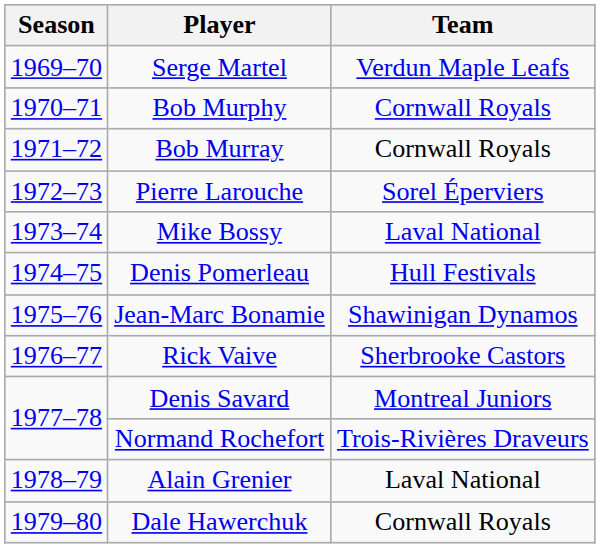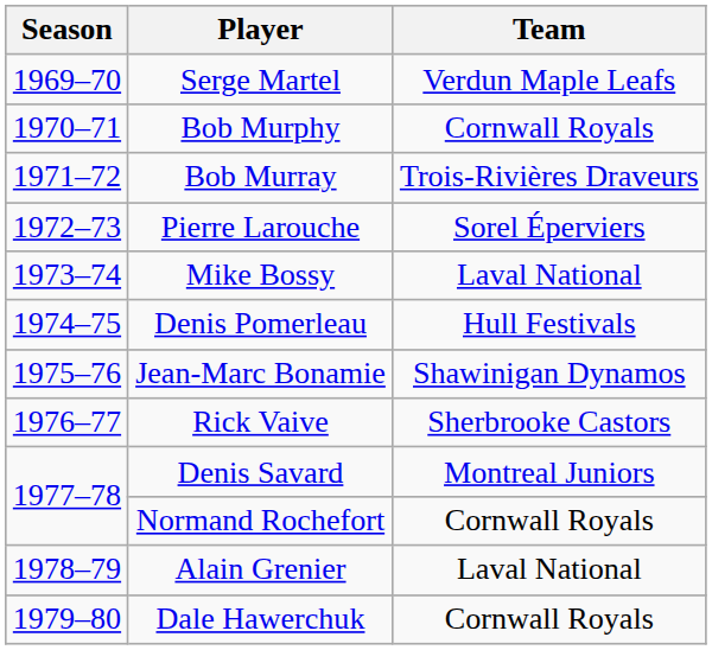 <table class="wikitable" style="text-align:center">
 <tr>
 <th>Season</th>
 <th>Player</th>
 <th>Team</th>
 </tr>
 <tr>
 <td><a href='#'>1969–70</a></td>
 <td><a href='#'>Serge Martel</a></td>
 <td><a href='#'>Verdun Maple Leafs</a></td>
 </tr>
 <tr>
 <td><a href='#'>1970–71</a></td>
 <td><a href='#'>Bob Murphy</a></td>
 <td><a href='#'>Cornwall Royals</a></td>
 </tr>
 <tr>
 <td><a href='#'>1971–72</a></td>
 <td><a href='#'>Bob Murray</a></td>
-<td>Cornwall Royals</td>
+<td><a href='#'>Trois-Rivières Draveurs</a></td>
 </tr>
 <tr>
 <td><a href='#'>1972–73</a></td>
 <td><a href='#'>Pierre Larouche</a></td>
 <td><a href='#'>Sorel Éperviers</a></td>
 </tr>
 <tr>
 <td><a href='#'>1973–74</a></td>
 <td><a href='#'>Mike Bossy</a></td>
 <td><a href='#'>Laval National</a></td>
 </tr>
 <tr>
 <td><a href='#'>1974–75</a></td>
 <td><a href='#'>Denis Pomerleau</a></td>
 <td><a href='#'>Hull Festivals</a></td>
 </tr>
 <tr>
 <td><a href='#'>1975–76</a></td>
 <td><a href='#'>Jean-Marc Bonamie</a></td>
 <td><a href='#'>Shawinigan Dynamos</a></td>
 </tr>
 <tr>
 <td><a href='#'>1976–77</a></td>
 <td><a href='#'>Rick Vaive</a></td>
 <td><a href='#'>Sherbrooke Castors</a></td>
 </tr>
 <tr>
 <td rowspan="2"><a href='#'>1977–78</a></td>
 <td><a href='#'>Denis Savard</a></td>
 <td><a href='#'>Montreal Juniors</a></td>
 </tr>
 <tr>
 <td><a href='#'>Normand Rochefort</a></td>
-<td><a href='#'>Trois-Rivières Draveurs</a></td>
+<td>Cornwall Royals</td>
 </tr>
 <tr>
 <td><a href='#'>1978–79</a></td>
 <td><a href='#'>Alain Grenier</a></td>
 <td>Laval National</td>
 </tr>
 <tr>
 <td><a href='#'>1979–80</a></td>
 <td><a href='#'>Dale Hawerchuk</a></td>
 <td>Cornwall Royals</td>
 </tr>
 </table>
